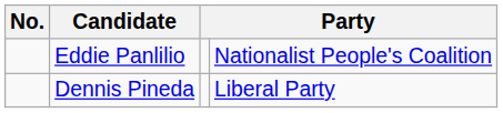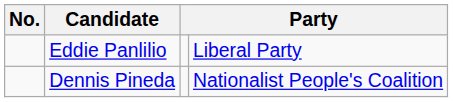 <table class="wikitable sortable" style="text-align:left;">
 <tr>
 <th>No.</th>
 <th>Candidate</th>
 <th colspan="2">Party</th>
 </tr>
 <tr>
 <td></td>
 <td><a href='#'>Eddie Panlilio</a></td>
 <td></td>
-<td><a href='#'>Nationalist People's Coalition</a></td>
+<td><a href='#'>Liberal Party</a></td>
 </tr>
 <tr>
 <td></td>
 <td><a href='#'>Dennis Pineda</a></td>
 <td></td>
-<td><a href='#'>Liberal Party</a></td>
+<td><a href='#'>Nationalist People's Coalition</a></td>
 </tr>
 </table>
